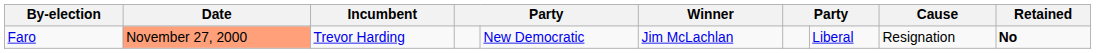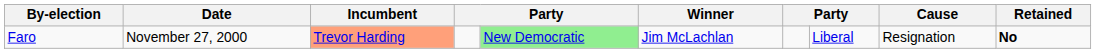 <table class=wikitable style="width:100%">
 <tr>
 <th>By-election</th>
 <th>Date</th>
 <th>Incumbent</th>
 <th colspan=2>Party</th>
 <th>Winner</th>
 <th colspan=2>Party</th>
 <th>Cause</th>
 <th>Retained</th>
 </tr>
 <tr>
 <td><a href='#'>Faro</a></td>
-<td style="background: lightsalmon;">November 27, 2000</td>
-<td><a href='#'>Trevor Harding</a></td>
+<td>November 27, 2000</td>
+<td style="background: lightsalmon;"><a href='#'>Trevor Harding</a></td>
 <td>   </td>
-<td><a href='#'>New Democratic</a></td>
+<td style="background: lightgreen;"><a href='#'>New Democratic</a></td>
 <td><a href='#'>Jim McLachlan</a></td>
 <td>   </td>
 <td><a href='#'>Liberal</a></td>
 <td>Resignation</td>
 <td><strong>No</strong></td>
 </tr>
 </table>
